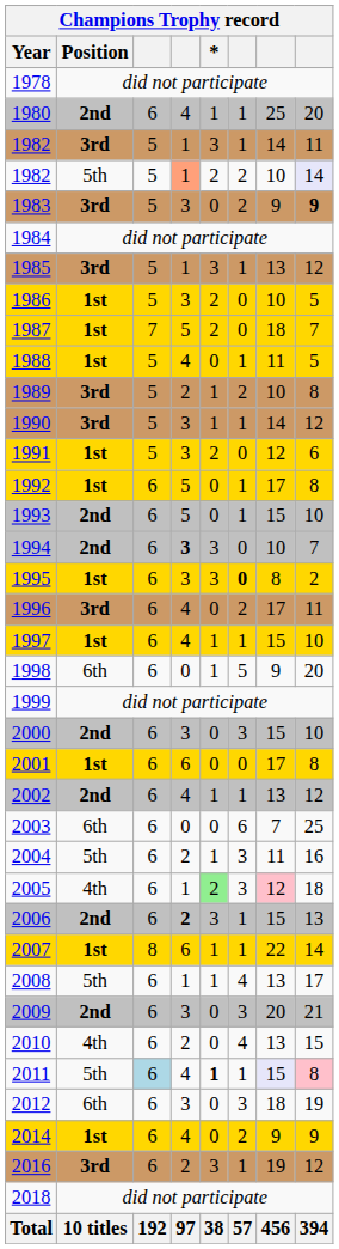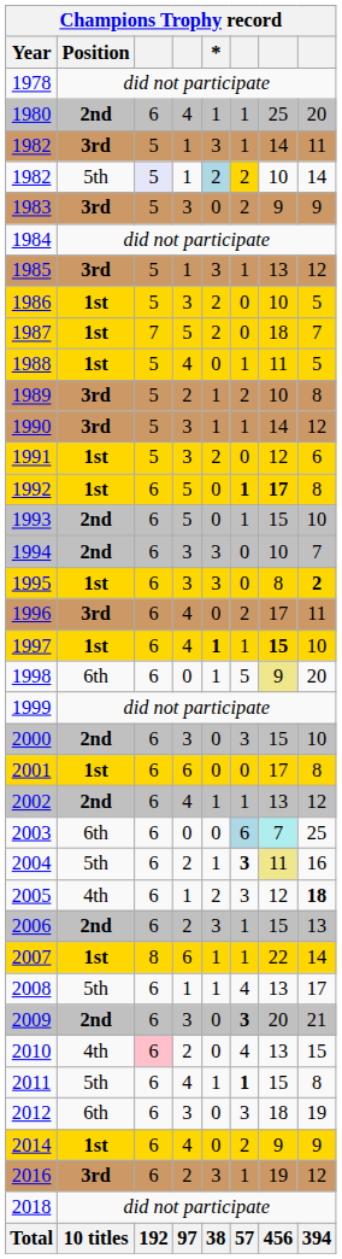 <table class="wikitable" style="text-align: center;">
 <tr>
 <th colspan=8><a href='#'>Champions Trophy</a> record</th>
 </tr>
 <tr>
 <th>Year</th>
 <th>Position</th>
 <th></th>
 <th></th>
 <th>*</th>
 <th></th>
 <th></th>
 <th></th>
 </tr>
 <tr>
 <td> <a href='#'>1978</a></td>
 <td colspan=7><em>did not participate</em></td>
 </tr>
 <tr bgcolor=silver>
 <td> <a href='#'>1980</a></td>
 <td><strong>2nd</strong></td>
 <td>6</td>
 <td>4</td>
 <td>1</td>
 <td>1</td>
 <td>25</td>
 <td>20</td>
 </tr>
 <tr bgcolor=cc9966>
 <td> <a href='#'>1982</a></td>
 <td><strong>3rd</strong></td>
 <td>5</td>
 <td>1</td>
 <td>3</td>
 <td>1</td>
 <td>14</td>
 <td>11</td>
 </tr>
 <tr>
 <td> <a href='#'>1982</a></td>
 <td>5th</td>
-<td>5</td>
-<td style="background: lightsalmon;">1</td>
-<td>2</td>
-<td>2</td>
+<td style="background: lavender;">5</td>
+<td>1</td>
+<td style="background: lightblue;">2</td>
+<td style="background: gold;">2</td>
 <td>10</td>
-<td style="background: lavender;">14</td>
+<td>14</td>
 </tr>
 <tr bgcolor=cc9966>
 <td> <a href='#'>1983</a></td>
 <td><strong>3rd</strong></td>
 <td>5</td>
 <td>3</td>
 <td>0</td>
 <td>2</td>
 <td>9</td>
-<td><strong>9</strong></td>
+<td>9</td>
 </tr>
 <tr>
 <td> <a href='#'>1984</a></td>
 <td colspan=7><em>did not participate</em></td>
 </tr>
 <tr bgcolor=cc9966>
 <td> <a href='#'>1985</a></td>
 <td><strong>3rd</strong></td>
 <td>5</td>
 <td>1</td>
 <td>3</td>
 <td>1</td>
 <td>13</td>
 <td>12</td>
 </tr>
 <tr bgcolor=gold>
 <td> <a href='#'>1986</a></td>
 <td><strong>1st</strong></td>
 <td>5</td>
 <td>3</td>
 <td>2</td>
 <td>0</td>
 <td>10</td>
 <td>5</td>
 </tr>
 <tr bgcolor=gold>
 <td> <a href='#'>1987</a></td>
 <td><strong>1st</strong></td>
 <td>7</td>
 <td>5</td>
 <td>2</td>
 <td>0</td>
 <td>18</td>
 <td>7</td>
 </tr>
 <tr bgcolor=gold>
 <td> <a href='#'>1988</a></td>
 <td><strong>1st</strong></td>
 <td>5</td>
 <td>4</td>
 <td>0</td>
 <td>1</td>
 <td>11</td>
 <td>5</td>
 </tr>
 <tr bgcolor=cc9966>
 <td> <a href='#'>1989</a></td>
 <td><strong>3rd</strong></td>
 <td>5</td>
 <td>2</td>
 <td>1</td>
 <td>2</td>
 <td>10</td>
 <td>8</td>
 </tr>
 <tr bgcolor=cc9966>
 <td> <a href='#'>1990</a></td>
 <td><strong>3rd</strong></td>
 <td>5</td>
 <td>3</td>
 <td>1</td>
 <td>1</td>
 <td>14</td>
 <td>12</td>
 </tr>
 <tr bgcolor=gold>
 <td> <a href='#'>1991</a></td>
 <td><strong>1st</strong></td>
 <td>5</td>
 <td>3</td>
 <td>2</td>
 <td>0</td>
 <td>12</td>
 <td>6</td>
 </tr>
 <tr bgcolor=gold>
 <td> <a href='#'>1992</a></td>
 <td><strong>1st</strong></td>
 <td>6</td>
 <td>5</td>
 <td>0</td>
-<td>1</td>
-<td>17</td>
+<td><strong>1</strong></td>
+<td><strong>17</strong></td>
 <td>8</td>
 </tr>
 <tr bgcolor=silver>
 <td> <a href='#'>1993</a></td>
 <td><strong>2nd</strong></td>
 <td>6</td>
 <td>5</td>
 <td>0</td>
 <td>1</td>
 <td>15</td>
 <td>10</td>
 </tr>
 <tr bgcolor=silver>
 <td> <a href='#'>1994</a></td>
 <td><strong>2nd</strong></td>
 <td>6</td>
-<td><strong>3</strong></td>
+<td>3</td>
 <td>3</td>
 <td>0</td>
 <td>10</td>
 <td>7</td>
 </tr>
 <tr bgcolor=gold>
 <td> <a href='#'>1995</a></td>
 <td><strong>1st</strong></td>
 <td>6</td>
 <td>3</td>
 <td>3</td>
-<td><strong>0</strong></td>
+<td>0</td>
 <td>8</td>
-<td>2</td>
+<td><strong>2</strong></td>
 </tr>
 <tr bgcolor=cc9966>
 <td> <a href='#'>1996</a></td>
 <td><strong>3rd</strong></td>
 <td>6</td>
 <td>4</td>
 <td>0</td>
 <td>2</td>
 <td>17</td>
 <td>11</td>
 </tr>
 <tr bgcolor=gold>
 <td> <a href='#'>1997</a></td>
 <td><strong>1st</strong></td>
 <td>6</td>
 <td>4</td>
+<td><strong>1</strong></td>
 <td>1</td>
-<td>1</td>
-<td>15</td>
+<td><strong>15</strong></td>
 <td>10</td>
 </tr>
 <tr>
 <td> <a href='#'>1998</a></td>
 <td>6th</td>
 <td>6</td>
 <td>0</td>
 <td>1</td>
 <td>5</td>
-<td>9</td>
+<td style="background: khaki;">9</td>
 <td>20</td>
 </tr>
 <tr>
 <td> <a href='#'>1999</a></td>
 <td colspan=7><em>did not participate</em></td>
 </tr>
 <tr bgcolor=silver>
 <td> <a href='#'>2000</a></td>
 <td><strong>2nd</strong></td>
 <td>6</td>
 <td>3</td>
 <td>0</td>
 <td>3</td>
 <td>15</td>
 <td>10</td>
 </tr>
 <tr bgcolor=gold>
 <td> <a href='#'>2001</a></td>
 <td><strong>1st</strong></td>
 <td>6</td>
 <td>6</td>
 <td>0</td>
 <td>0</td>
 <td>17</td>
 <td>8</td>
 </tr>
 <tr bgcolor=silver>
 <td> <a href='#'>2002</a></td>
 <td><strong>2nd</strong></td>
 <td>6</td>
 <td>4</td>
 <td>1</td>
 <td>1</td>
 <td>13</td>
 <td>12</td>
 </tr>
 <tr>
 <td> <a href='#'>2003</a></td>
 <td>6th</td>
 <td>6</td>
 <td>0</td>
 <td>0</td>
-<td>6</td>
-<td>7</td>
+<td style="background: lightblue;">6</td>
+<td style="background: paleturquoise;">7</td>
 <td>25</td>
 </tr>
 <tr>
 <td> <a href='#'>2004</a></td>
 <td>5th</td>
 <td>6</td>
 <td>2</td>
 <td>1</td>
-<td>3</td>
-<td>11</td>
+<td><strong>3</strong></td>
+<td style="background: khaki;">11</td>
 <td>16</td>
 </tr>
 <tr>
 <td> <a href='#'>2005</a></td>
 <td>4th</td>
 <td>6</td>
 <td>1</td>
-<td style="background: lightgreen;">2</td>
+<td>2</td>
 <td>3</td>
-<td style="background: pink;">12</td>
-<td>18</td>
+<td>12</td>
+<td><strong>18</strong></td>
 </tr>
 <tr bgcolor=silver>
 <td> <a href='#'>2006</a></td>
 <td><strong>2nd</strong></td>
 <td>6</td>
-<td><strong>2</strong></td>
+<td>2</td>
 <td>3</td>
 <td>1</td>
 <td>15</td>
 <td>13</td>
 </tr>
 <tr bgcolor=gold>
 <td> <a href='#'>2007</a></td>
 <td><strong>1st</strong></td>
 <td>8</td>
 <td>6</td>
 <td>1</td>
 <td>1</td>
 <td>22</td>
 <td>14</td>
 </tr>
 <tr>
 <td> <a href='#'>2008</a></td>
 <td>5th</td>
 <td>6</td>
 <td>1</td>
 <td>1</td>
 <td>4</td>
 <td>13</td>
 <td>17</td>
 </tr>
 <tr bgcolor=silver>
 <td> <a href='#'>2009</a></td>
 <td><strong>2nd</strong></td>
 <td>6</td>
 <td>3</td>
 <td>0</td>
-<td>3</td>
+<td><strong>3</strong></td>
 <td>20</td>
 <td>21</td>
 </tr>
 <tr>
 <td> <a href='#'>2010</a></td>
 <td>4th</td>
-<td>6</td>
+<td style="background: pink;">6</td>
 <td>2</td>
 <td>0</td>
 <td>4</td>
 <td>13</td>
 <td>15</td>
 </tr>
 <tr>
 <td> <a href='#'>2011</a></td>
 <td>5th</td>
-<td style="background: lightblue;">6</td>
+<td>6</td>
 <td>4</td>
+<td>1</td>
 <td><strong>1</strong></td>
-<td>1</td>
-<td style="background: lavender;">15</td>
-<td style="background: pink;">8</td>
+<td>15</td>
+<td>8</td>
 </tr>
 <tr>
 <td> <a href='#'>2012</a></td>
 <td>6th</td>
 <td>6</td>
 <td>3</td>
 <td>0</td>
 <td>3</td>
 <td>18</td>
 <td>19</td>
 </tr>
 <tr bgcolor=gold>
 <td> <a href='#'>2014</a></td>
 <td><strong>1st</strong></td>
 <td>6</td>
 <td>4</td>
 <td>0</td>
 <td>2</td>
 <td>9</td>
 <td>9</td>
 </tr>
 <tr bgcolor=cc9966>
 <td> <a href='#'>2016</a></td>
 <td><strong>3rd</strong></td>
 <td>6</td>
 <td>2</td>
 <td>3</td>
 <td>1</td>
 <td>19</td>
 <td>12</td>
 </tr>
 <tr>
 <td> <a href='#'>2018</a></td>
 <td colspan=7><em>did not participate</em></td>
 </tr>
 <tr>
 <th>Total</th>
 <th>10 titles</th>
 <th>192</th>
 <th>97</th>
 <th>38</th>
 <th>57</th>
 <th>456</th>
 <th>394</th>
 </tr>
 </table>
